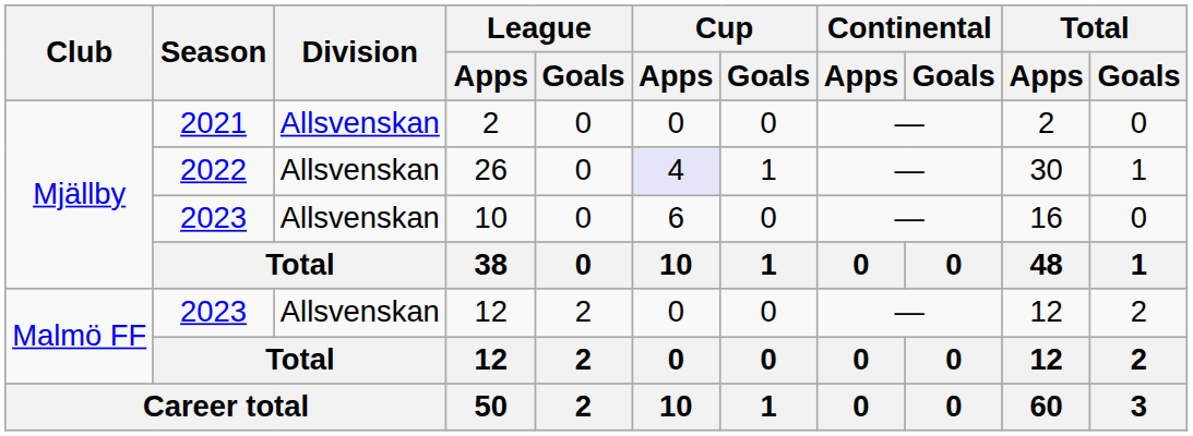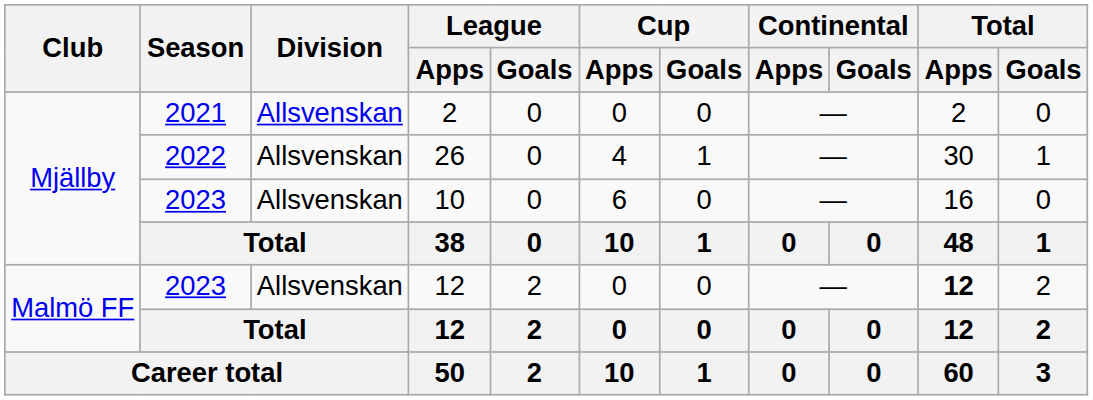 <table class="wikitable" style="text-align:center;">
 <tr>
 <th rowspan="2">Club</th>
 <th rowspan="2">Season</th>
 <th rowspan="2">Division</th>
 <th colspan="2">League</th>
 <th colspan="2">Cup</th>
 <th colspan="2">Continental</th>
 <th colspan="2">Total</th>
 </tr>
 <tr>
 <th>Apps</th>
 <th>Goals</th>
 <th>Apps</th>
 <th>Goals</th>
 <th>Apps</th>
 <th>Goals</th>
 <th>Apps</th>
 <th>Goals</th>
 </tr>
 <tr>
 <td rowspan="4"><a href='#'>Mjällby</a></td>
 <td><a href='#'>2021</a></td>
 <td><a href='#'>Allsvenskan</a></td>
 <td>2</td>
 <td>0</td>
 <td>0</td>
 <td>0</td>
 <td colspan="2">—</td>
 <td>2</td>
 <td>0</td>
 </tr>
 <tr>
 <td><a href='#'>2022</a></td>
 <td>Allsvenskan</td>
 <td>26</td>
 <td>0</td>
-<td style="background: lavender;">4</td>
+<td>4</td>
 <td>1</td>
 <td colspan="2">—</td>
 <td>30</td>
 <td>1</td>
 </tr>
 <tr>
 <td><a href='#'>2023</a></td>
 <td>Allsvenskan</td>
 <td>10</td>
 <td>0</td>
 <td>6</td>
 <td>0</td>
 <td colspan="2">—</td>
 <td>16</td>
 <td>0</td>
 </tr>
 <tr>
 <th colspan="2">Total</th>
 <th>38</th>
 <th>0</th>
 <th>10</th>
 <th>1</th>
 <th>0</th>
 <th>0</th>
 <th>48</th>
 <th>1</th>
 </tr>
 <tr>
 <td rowspan="2"><a href='#'>Malmö FF</a></td>
 <td><a href='#'>2023</a></td>
 <td>Allsvenskan</td>
 <td>12</td>
 <td>2</td>
 <td>0</td>
 <td>0</td>
 <td colspan="2">—</td>
-<td>12</td>
+<td><strong>12</strong></td>
 <td>2</td>
 </tr>
 <tr>
 <th colspan="2">Total</th>
 <th>12</th>
 <th>2</th>
 <th>0</th>
 <th>0</th>
 <th>0</th>
 <th>0</th>
 <th>12</th>
 <th>2</th>
 </tr>
 <tr>
 <th colspan="3">Career total</th>
 <th>50</th>
 <th>2</th>
 <th>10</th>
 <th>1</th>
 <th>0</th>
 <th>0</th>
 <th>60</th>
 <th>3</th>
 </tr>
 </table>
